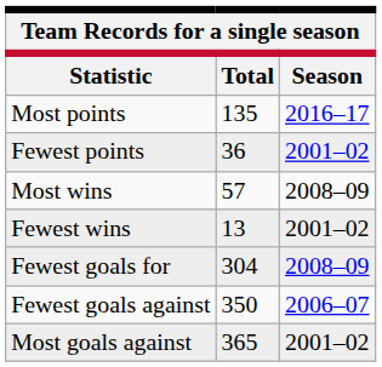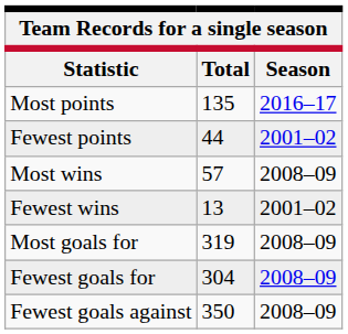 <table class="wikitable" style="test-align:center; float:left; margin-right:2em;">
 <tr>
 <th colspan=3 style="border-top:#000000 5px solid; border-bottom:#C60C30 5px solid;">Team Records for a single season</th>
 </tr>
 <tr>
 <th>Statistic</th>
 <th>Total</th>
 <th>Season</th>
 </tr>
 <tr>
 <td>Most points</td>
 <td>135</td>
 <td><a href='#'>2016–17</a></td>
 </tr>
 <tr bgcolor="#eeeeee">
 <td>Fewest points</td>
-<td>36</td>
+<td>44</td>
 <td><a href='#'>2001–02</a></td>
 </tr>
 <tr>
 <td>Most wins</td>
 <td>57</td>
 <td>2008–09</td>
 </tr>
 <tr bgcolor="#eeeeee">
 <td>Fewest wins</td>
 <td>13</td>
 <td>2001–02</td>
 </tr>
+<tr>
+<td>Most goals for</td>
+<td>319</td>
+<td>2008–09</td>
+</tr>
 <tr bgcolor="#eeeeee">
 <td>Fewest goals for</td>
 <td>304</td>
 <td><a href='#'>2008–09</a></td>
 </tr>
 <tr>
 <td>Fewest goals against</td>
 <td>350</td>
-<td><a href='#'>2006–07</a></td>
-</tr>
-<tr bgcolor="#eeeeee">
-<td>Most goals against</td>
-<td>365</td>
-<td>2001–02</td>
+<td>2008–09</td>
 </tr>
 </table>
